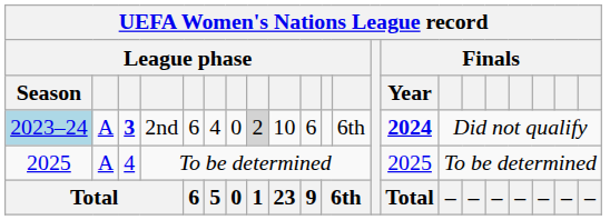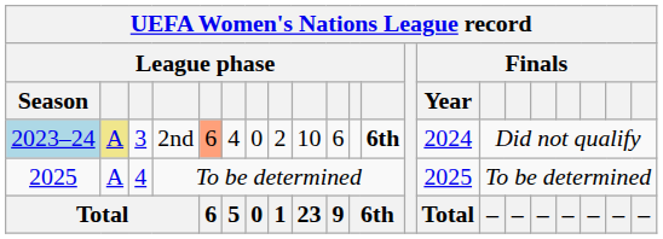 <table class="wikitable" style="text-align:center">
 <tr>
 <th colspan="22"><a href='#'>UEFA Women's Nations League</a> record</th>
 </tr>
 <tr>
 <th colspan="12">League phase</th>
 <th rowspan="5"></th>
 <th colspan="9">Finals</th>
 </tr>
 <tr>
 <th>Season</th>
 <th></th>
 <th></th>
 <th></th>
 <th></th>
 <th></th>
 <th></th>
 <th></th>
 <th></th>
 <th></th>
 <th></th>
 <th></th>
 <th>Year</th>
 <th></th>
 <th></th>
 <th></th>
 <th></th>
 <th></th>
 <th></th>
 <th></th>
 </tr>
 <tr>
 <td style="background: lightblue;"><a href='#'>2023–24</a></td>
-<td><a href='#'>A</a></td>
-<td><strong><a href='#'>3</a></strong></td>
+<td style="background: khaki;"><a href='#'>A</a></td>
+<td><a href='#'>3</a></td>
 <td>2nd</td>
-<td>6</td>
+<td style="background: lightsalmon;">6</td>
 <td>4</td>
 <td>0</td>
-<td style="background: lightgrey;">2</td>
+<td>2</td>
 <td>10</td>
 <td>6</td>
 <td></td>
-<td>6th</td>
-<td><strong> <a href='#'>2024</a></strong></td>
+<td><strong>6th</strong></td>
+<td> <a href='#'>2024</a></td>
 <td colspan="8"><em>Did not qualify</em></td>
 </tr>
 <tr>
 <td><a href='#'>2025</a></td>
 <td><a href='#'>A</a></td>
 <td><a href='#'>4</a></td>
 <td colspan="9"><em>To be determined</em></td>
 <td> <a href='#'>2025</a></td>
 <td colspan="7"><em>To be determined</em></td>
 </tr>
 <tr>
 <th colspan="4">Total</th>
 <th>6</th>
 <th>5</th>
 <th>0</th>
 <th>1</th>
 <th>23</th>
 <th>9</th>
 <th colspan="2">6th</th>
 <th>Total</th>
 <th>–</th>
 <th>–</th>
 <th>–</th>
 <th>–</th>
 <th>–</th>
 <th>–</th>
 <th>–</th>
 </tr>
 </table>
